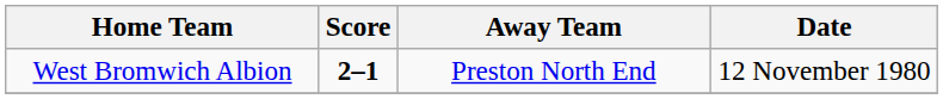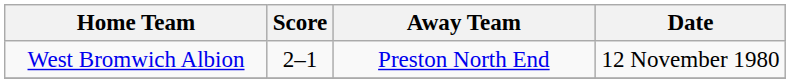 <table class="wikitable" style="text-align:center;">
 <tr>
 <th width=175>Home Team</th>
 <th width=20>Score</th>
 <th width=175>Away Team</th>
 <th width=125>Date</th>
 </tr>
 <tr>
 <td><a href='#'>West Bromwich Albion</a></td>
-<td><strong>2–1</strong></td>
+<td>2–1</td>
 <td><a href='#'>Preston North End</a></td>
 <td>12 November 1980</td>
 </tr>
 <tr>
 </tr>
 </table>
